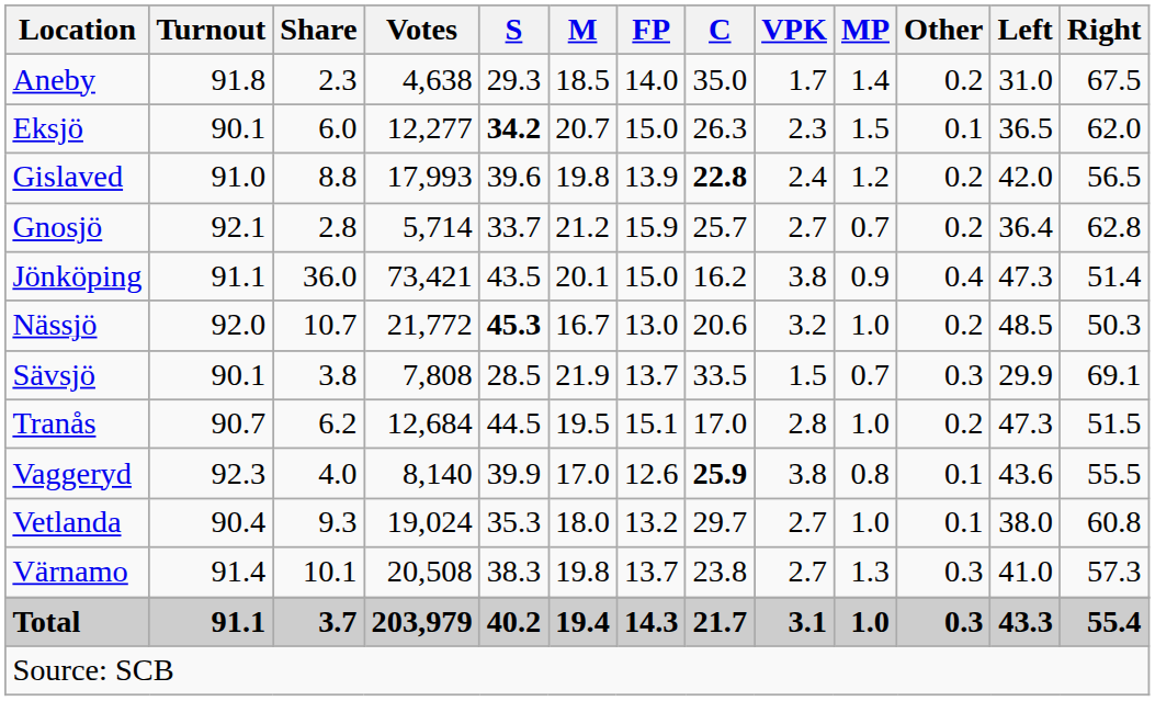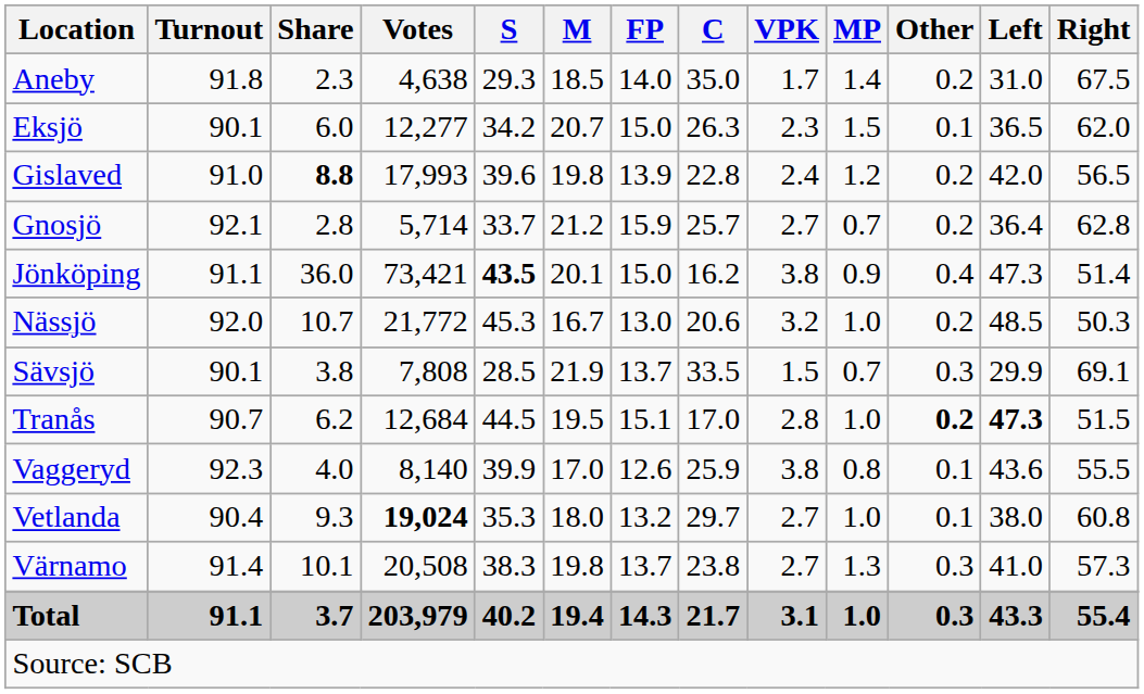 <table class="wikitable sortable" style=text-align:right>
 <tr>
 <th>Location</th>
 <th>Turnout</th>
 <th>Share</th>
 <th>Votes</th>
 <th><a href='#'>S</a></th>
 <th><a href='#'>M</a></th>
 <th><a href='#'>FP</a></th>
 <th><a href='#'>C</a></th>
 <th><a href='#'>VPK</a></th>
 <th><a href='#'>MP</a></th>
 <th>Other</th>
 <th>Left</th>
 <th>Right</th>
 </tr>
 <tr>
 <td align=left><a href='#'>Aneby</a></td>
 <td>91.8</td>
 <td>2.3</td>
 <td>4,638</td>
 <td>29.3</td>
 <td>18.5</td>
 <td>14.0</td>
 <td>35.0</td>
 <td>1.7</td>
 <td>1.4</td>
 <td>0.2</td>
 <td>31.0</td>
 <td>67.5</td>
 </tr>
 <tr>
 <td align=left><a href='#'>Eksjö</a></td>
 <td>90.1</td>
 <td>6.0</td>
 <td>12,277</td>
-<td><strong>34.2</strong></td>
+<td>34.2</td>
 <td>20.7</td>
 <td>15.0</td>
 <td>26.3</td>
 <td>2.3</td>
 <td>1.5</td>
 <td>0.1</td>
 <td>36.5</td>
 <td>62.0</td>
 </tr>
 <tr>
 <td align=left><a href='#'>Gislaved</a></td>
 <td>91.0</td>
-<td>8.8</td>
+<td><strong>8.8</strong></td>
 <td>17,993</td>
 <td>39.6</td>
 <td>19.8</td>
 <td>13.9</td>
-<td><strong>22.8</strong></td>
+<td>22.8</td>
 <td>2.4</td>
 <td>1.2</td>
 <td>0.2</td>
 <td>42.0</td>
 <td>56.5</td>
 </tr>
 <tr>
 <td align=left><a href='#'>Gnosjö</a></td>
 <td>92.1</td>
 <td>2.8</td>
 <td>5,714</td>
 <td>33.7</td>
 <td>21.2</td>
 <td>15.9</td>
 <td>25.7</td>
 <td>2.7</td>
 <td>0.7</td>
 <td>0.2</td>
 <td>36.4</td>
 <td>62.8</td>
 </tr>
 <tr>
 <td align=left><a href='#'>Jönköping</a></td>
 <td>91.1</td>
 <td>36.0</td>
 <td>73,421</td>
-<td>43.5</td>
+<td><strong>43.5</strong></td>
 <td>20.1</td>
 <td>15.0</td>
 <td>16.2</td>
 <td>3.8</td>
 <td>0.9</td>
 <td>0.4</td>
 <td>47.3</td>
 <td>51.4</td>
 </tr>
 <tr>
 <td align=left><a href='#'>Nässjö</a></td>
 <td>92.0</td>
 <td>10.7</td>
 <td>21,772</td>
-<td><strong>45.3</strong></td>
+<td>45.3</td>
 <td>16.7</td>
 <td>13.0</td>
 <td>20.6</td>
 <td>3.2</td>
 <td>1.0</td>
 <td>0.2</td>
 <td>48.5</td>
 <td>50.3</td>
 </tr>
 <tr>
 <td align=left><a href='#'>Sävsjö</a></td>
 <td>90.1</td>
 <td>3.8</td>
 <td>7,808</td>
 <td>28.5</td>
 <td>21.9</td>
 <td>13.7</td>
 <td>33.5</td>
 <td>1.5</td>
 <td>0.7</td>
 <td>0.3</td>
 <td>29.9</td>
 <td>69.1</td>
 </tr>
 <tr>
 <td align=left><a href='#'>Tranås</a></td>
 <td>90.7</td>
 <td>6.2</td>
 <td>12,684</td>
 <td>44.5</td>
 <td>19.5</td>
 <td>15.1</td>
 <td>17.0</td>
 <td>2.8</td>
 <td>1.0</td>
-<td>0.2</td>
-<td>47.3</td>
+<td><strong>0.2</strong></td>
+<td><strong>47.3</strong></td>
 <td>51.5</td>
 </tr>
 <tr>
 <td align=left><a href='#'>Vaggeryd</a></td>
 <td>92.3</td>
 <td>4.0</td>
 <td>8,140</td>
 <td>39.9</td>
 <td>17.0</td>
 <td>12.6</td>
-<td><strong>25.9</strong></td>
+<td>25.9</td>
 <td>3.8</td>
 <td>0.8</td>
 <td>0.1</td>
 <td>43.6</td>
 <td>55.5</td>
 </tr>
 <tr>
 <td align=left><a href='#'>Vetlanda</a></td>
 <td>90.4</td>
 <td>9.3</td>
-<td>19,024</td>
+<td><strong>19,024</strong></td>
 <td>35.3</td>
 <td>18.0</td>
 <td>13.2</td>
 <td>29.7</td>
 <td>2.7</td>
 <td>1.0</td>
 <td>0.1</td>
 <td>38.0</td>
 <td>60.8</td>
 </tr>
 <tr>
 <td align=left><a href='#'>Värnamo</a></td>
 <td>91.4</td>
 <td>10.1</td>
 <td>20,508</td>
 <td>38.3</td>
 <td>19.8</td>
 <td>13.7</td>
 <td>23.8</td>
 <td>2.7</td>
 <td>1.3</td>
 <td>0.3</td>
 <td>41.0</td>
 <td>57.3</td>
 </tr>
 <tr>
 </tr>
 <tr style="background:#CDCDCD;">
 <td align=left><strong>Total</strong></td>
 <td><strong>91.1</strong></td>
 <td><strong>3.7</strong></td>
 <td><strong>203,979</strong></td>
 <td><strong>40.2</strong></td>
 <td><strong>19.4</strong></td>
 <td><strong>14.3</strong></td>
 <td><strong>21.7</strong></td>
 <td><strong>3.1</strong></td>
 <td><strong>1.0</strong></td>
 <td><strong>0.3</strong></td>
 <td><strong>43.3</strong></td>
 <td><strong>55.4</strong></td>
 </tr>
 <tr>
 <td align=left colspan=13>Source: SCB </td>
 </tr>
 </table>
